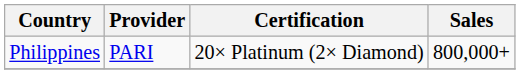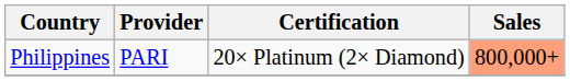 <table class="wikitable sortable">
 <tr>
 <th>Country</th>
 <th>Provider</th>
 <th>Certification</th>
 <th>Sales</th>
 </tr>
 <tr>
 <td><a href='#'>Philippines</a></td>
 <td><a href='#'>PARI</a></td>
 <td>20× Platinum (2× Diamond)</td>
-<td>800,000+</td>
+<td style="background: lightsalmon;">800,000+</td>
 </tr>
 <tr>
 </tr>
 </table>
